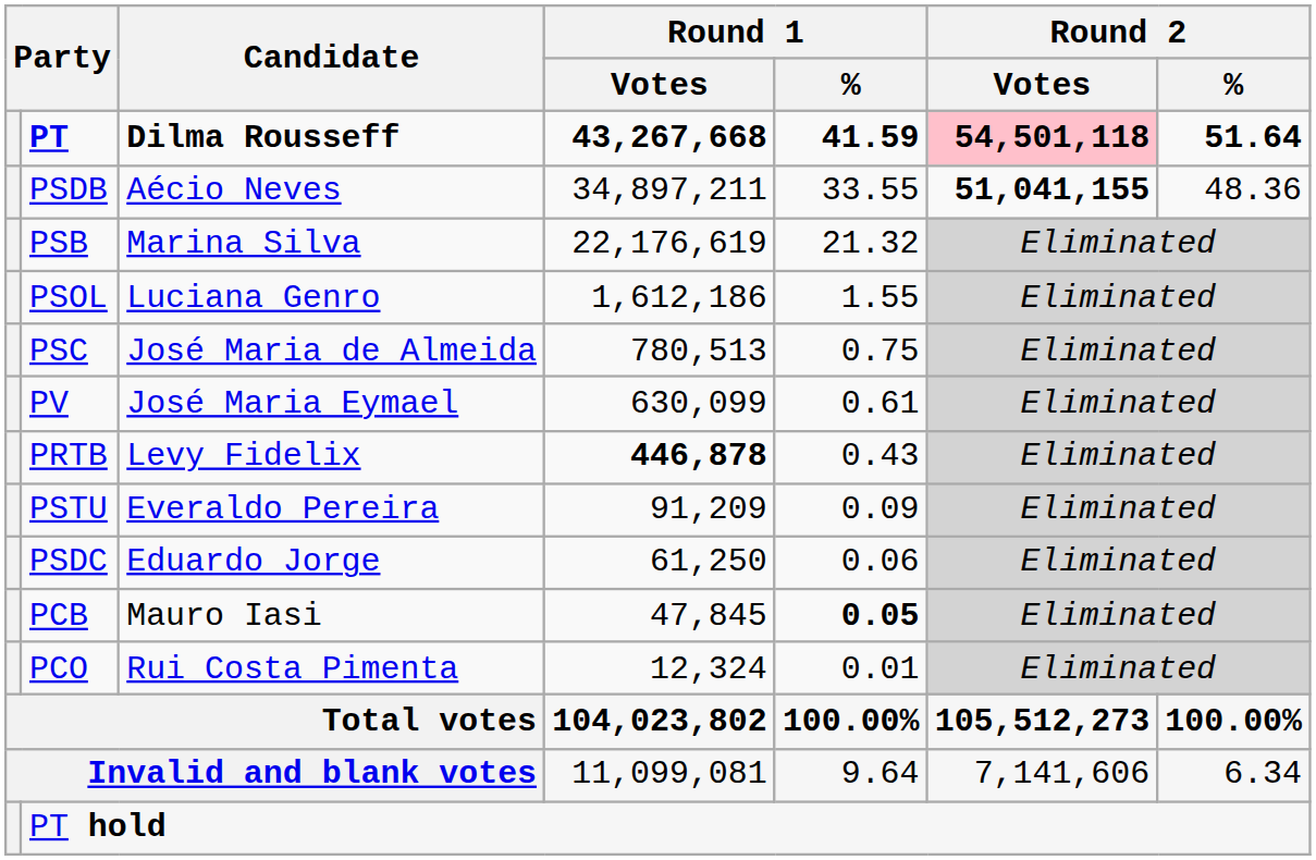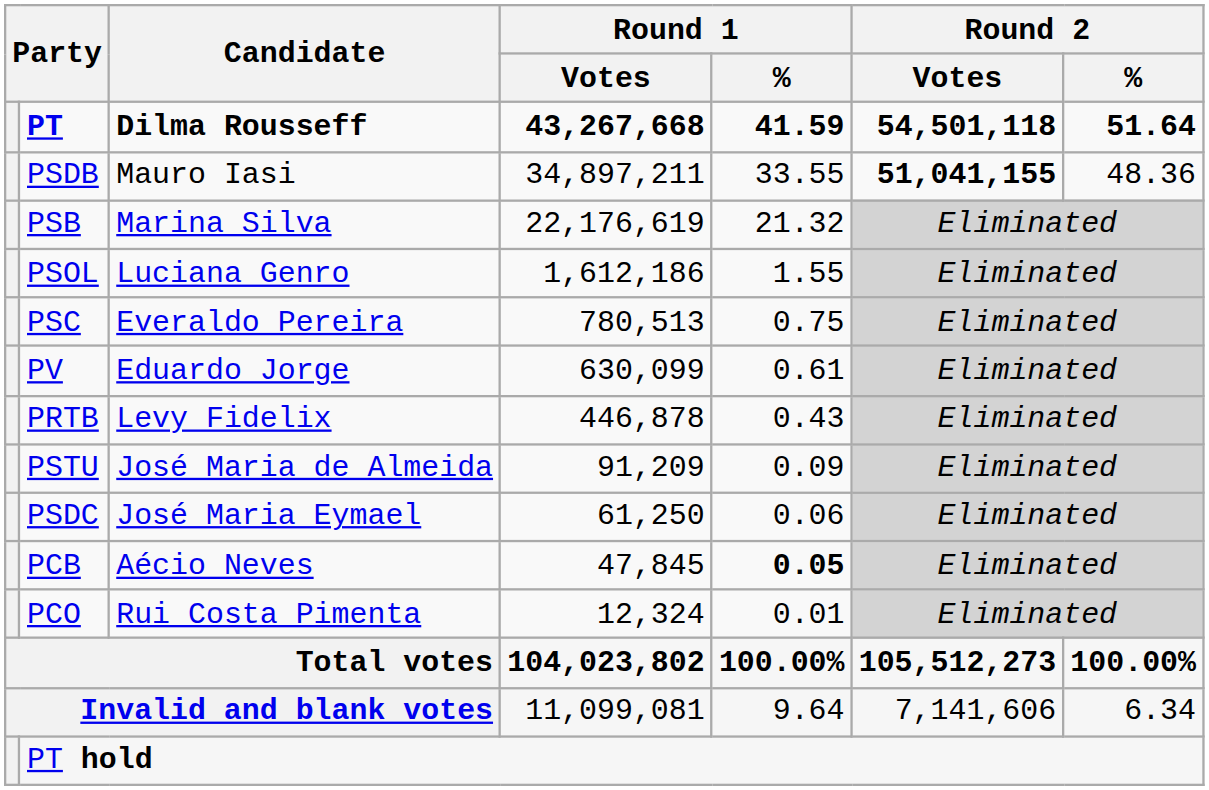 <table class="wikitable sortable" style="text-align:right">
 <tr>
 <th colspan=2 rowspan=2>Party</th>
 <th rowspan=2>Candidate</th>
 <th colspan=2>Round 1</th>
 <th colspan=2>Round 2</th>
 </tr>
 <tr>
 <th>Votes</th>
 <th>%</th>
 <th>Votes</th>
 <th>%</th>
 </tr>
 <tr>
 <th style="background-color:"></th>
 <td style="text-align:left"><strong><a href='#'>PT</a></strong></td>
 <td style="text-align:left"><strong>Dilma Rousseff</strong></td>
 <td><strong>43,267,668</strong></td>
 <td><strong>41.59</strong></td>
-<td style="background: pink;"><strong>54,501,118</strong></td>
+<td><strong>54,501,118</strong></td>
 <td><strong>51.64</strong></td>
 </tr>
 <tr>
 <th style="background-color:"></th>
 <td style="text-align:left"><a href='#'>PSDB</a></td>
-<td style="text-align:left"><a href='#'>Aécio Neves</a></td>
+<td style="text-align:left">Mauro Iasi</td>
 <td>34,897,211</td>
 <td>33.55</td>
 <td><strong>51,041,155</strong></td>
 <td>48.36</td>
 </tr>
 <tr>
 <th style="background-color:"></th>
 <td style="text-align:left"><a href='#'>PSB</a></td>
 <td style="text-align:left"><a href='#'>Marina Silva</a></td>
 <td>22,176,619</td>
 <td>21.32</td>
 <td colspan="2"  style="background:lightgrey; text-align:center;"><em>Eliminated</em></td>
 </tr>
 <tr>
 <th style="background-color:"></th>
 <td style="text-align:left"><a href='#'>PSOL</a></td>
 <td style="text-align:left"><a href='#'>Luciana Genro</a></td>
 <td>1,612,186</td>
 <td>1.55</td>
 <td colspan="2"  style="background:lightgrey; text-align:center;"><em>Eliminated</em></td>
 </tr>
 <tr>
 <th style="background-color:"></th>
 <td style="text-align:left"><a href='#'>PSC</a></td>
-<td style="text-align:left"><a href='#'>José Maria de Almeida</a></td>
+<td style="text-align:left"><a href='#'>Everaldo Pereira</a></td>
 <td>780,513</td>
 <td>0.75</td>
 <td colspan="2"  style="background:lightgrey; text-align:center;"><em>Eliminated</em></td>
 </tr>
 <tr>
 <th style="background-color:"></th>
 <td style="text-align:left"><a href='#'>PV</a></td>
-<td style="text-align:left"><a href='#'>José Maria Eymael</a></td>
+<td style="text-align:left"><a href='#'>Eduardo Jorge</a></td>
 <td>630,099</td>
 <td>0.61</td>
 <td colspan="2"  style="background:lightgrey; text-align:center;"><em>Eliminated</em></td>
 </tr>
 <tr>
 <th style="background-color:"></th>
 <td style="text-align:left"><a href='#'>PRTB</a></td>
 <td style="text-align:left"><a href='#'>Levy Fidelix</a></td>
-<td><strong>446,878</strong></td>
+<td>446,878</td>
 <td>0.43</td>
 <td colspan="2"  style="background:lightgrey; text-align:center;"><em>Eliminated</em></td>
 </tr>
 <tr>
 <th style="background-color:"></th>
 <td style="text-align:left"><a href='#'>PSTU</a></td>
-<td style="text-align:left"><a href='#'>Everaldo Pereira</a></td>
+<td style="text-align:left"><a href='#'>José Maria de Almeida</a></td>
 <td>91,209</td>
 <td>0.09</td>
 <td colspan="2"  style="background:lightgrey; text-align:center;"><em>Eliminated</em></td>
 </tr>
 <tr>
 <th style="background-color:"></th>
 <td style="text-align:left"><a href='#'>PSDC</a></td>
-<td style="text-align:left"><a href='#'>Eduardo Jorge</a></td>
+<td style="text-align:left"><a href='#'>José Maria Eymael</a></td>
 <td>61,250</td>
 <td>0.06</td>
 <td colspan="2"  style="background:lightgrey; text-align:center;"><em>Eliminated</em></td>
 </tr>
 <tr>
 <th style="background-color:"></th>
 <td style="text-align:left"><a href='#'>PCB</a></td>
-<td style="text-align:left">Mauro Iasi</td>
+<td style="text-align:left"><a href='#'>Aécio Neves</a></td>
 <td>47,845</td>
 <td><strong>0.05</strong></td>
 <td colspan="2"  style="background:lightgrey; text-align:center;"><em>Eliminated</em></td>
 </tr>
 <tr>
 <th style="background-color:"></th>
 <td style="text-align:left"><a href='#'>PCO</a></td>
 <td style="text-align:left"><a href='#'>Rui Costa Pimenta</a></td>
 <td>12,324</td>
 <td>0.01</td>
 <td colspan="2"  style="background:lightgrey; text-align:center;"><em>Eliminated</em></td>
 </tr>
 <tr class="sortbottom" style="background:#f6f6f6;">
 <th colspan=3 scope="row" style="text-align:right;">Total votes</th>
 <td><strong>104,023,802</strong></td>
 <td><strong>100.00%</strong></td>
 <td><strong>105,512,273</strong></td>
 <td><strong>100.00%</strong></td>
 </tr>
 <tr class="sortbottom" style="background:#f6f6f6;">
 <th colspan=3 scope="row" style="text-align:right;"><a href='#'>Invalid and blank votes</a></th>
 <td>11,099,081</td>
 <td>9.64</td>
 <td>7,141,606</td>
 <td>6.34</td>
 </tr>
 <tr class="sortbottom" style="background:#f6f6f6;">
 <th style="background-color:"></th>
 <td style="text-align:left" colspan=6><a href='#'>PT</a> <strong>hold</strong></td>
 </tr>
 </table>
